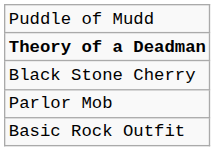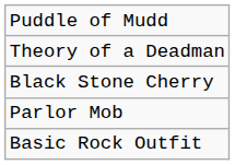 <table class="wikitable">
 <tr>
 <td>Puddle of Mudd</td>
 </tr>
 <tr>
-<td><strong>Theory of a Deadman</strong></td>
+<td>Theory of a Deadman</td>
 </tr>
 <tr>
 <td>Black Stone Cherry</td>
 </tr>
 <tr>
 <td>Parlor Mob</td>
 </tr>
 <tr>
 <td>Basic Rock Outfit</td>
 </tr>
 </table>
